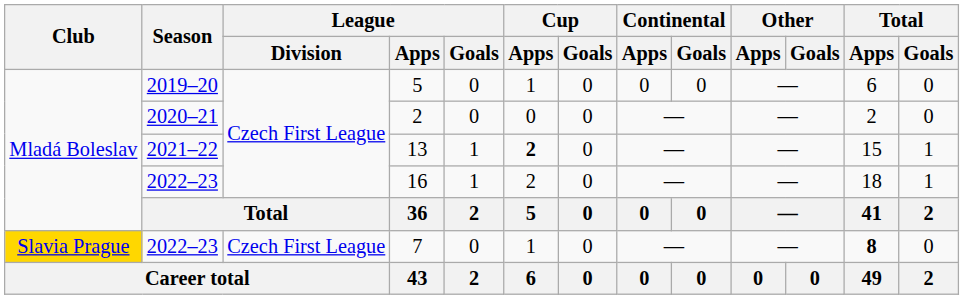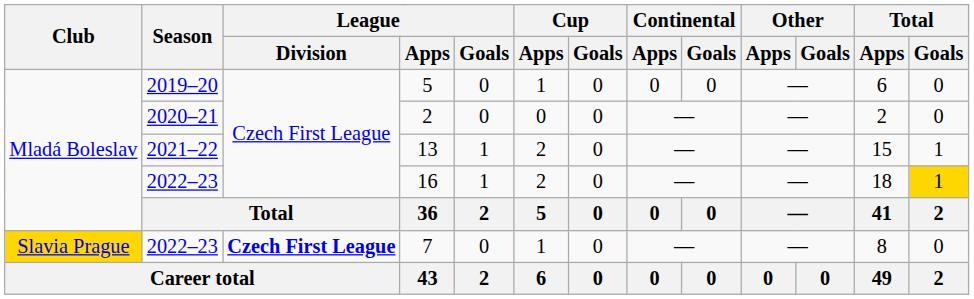 <table class="wikitable" style="text-align:center">
 <tr>
 <th rowspan="2">Club</th>
 <th rowspan="2">Season</th>
 <th colspan="3">League</th>
 <th colspan="2">Cup</th>
 <th colspan="2">Continental</th>
 <th colspan="2">Other</th>
 <th colspan="2">Total</th>
 </tr>
 <tr>
 <th>Division</th>
 <th>Apps</th>
 <th>Goals</th>
 <th>Apps</th>
 <th>Goals</th>
 <th>Apps</th>
 <th>Goals</th>
 <th>Apps</th>
 <th>Goals</th>
 <th>Apps</th>
 <th>Goals</th>
 </tr>
 <tr>
 <td rowspan="5"><a href='#'>Mladá Boleslav</a></td>
 <td><a href='#'>2019–20</a></td>
 <td rowspan="4"><a href='#'>Czech First League</a></td>
 <td>5</td>
 <td>0</td>
 <td>1</td>
 <td>0</td>
 <td>0</td>
 <td>0</td>
 <td colspan="2">—</td>
 <td>6</td>
 <td>0</td>
 </tr>
 <tr>
 <td><a href='#'>2020–21</a></td>
 <td>2</td>
 <td>0</td>
 <td>0</td>
 <td>0</td>
 <td colspan="2">—</td>
 <td colspan="2">—</td>
 <td>2</td>
 <td>0</td>
 </tr>
 <tr>
 <td><a href='#'>2021–22</a></td>
 <td>13</td>
 <td>1</td>
-<td><strong>2</strong></td>
+<td>2</td>
 <td>0</td>
 <td colspan="2">—</td>
 <td colspan="2">—</td>
 <td>15</td>
 <td>1</td>
 </tr>
 <tr>
 <td><a href='#'>2022–23</a></td>
 <td>16</td>
 <td>1</td>
 <td>2</td>
 <td>0</td>
 <td colspan="2">—</td>
 <td colspan="2">—</td>
 <td>18</td>
-<td>1</td>
+<td style="background: gold;">1</td>
 </tr>
 <tr>
 <th colspan="2">Total</th>
 <th>36</th>
 <th>2</th>
 <th>5</th>
 <th>0</th>
 <th>0</th>
 <th>0</th>
 <th colspan="2">—</th>
 <th>41</th>
 <th>2</th>
 </tr>
 <tr>
 <td style="background: gold;"><a href='#'>Slavia Prague</a></td>
 <td><a href='#'>2022–23</a></td>
-<td><a href='#'>Czech First League</a></td>
+<td><strong><a href='#'>Czech First League</a></strong></td>
 <td>7</td>
 <td>0</td>
 <td>1</td>
 <td>0</td>
 <td colspan="2">—</td>
 <td colspan="2">—</td>
-<td><strong>8</strong></td>
+<td>8</td>
 <td>0</td>
 </tr>
 <tr>
 <th colspan="3">Career total</th>
 <th>43</th>
 <th>2</th>
 <th>6</th>
 <th>0</th>
 <th>0</th>
 <th>0</th>
 <th>0</th>
 <th>0</th>
 <th>49</th>
 <th>2</th>
 </tr>
 </table>
